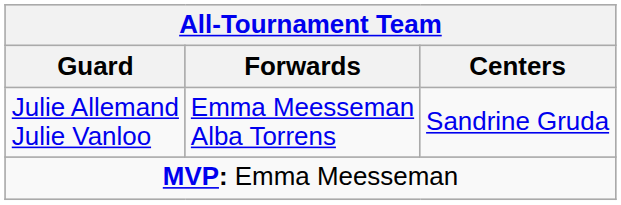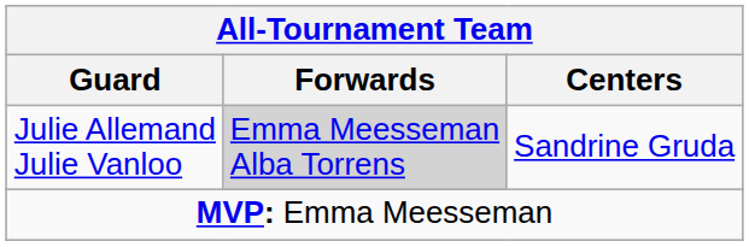 <table class=wikitable style="margin:auto">
 <tr>
 <th colspan=3 align=center><a href='#'>All-Tournament Team</a></th>
 </tr>
 <tr>
 <th>Guard</th>
 <th>Forwards</th>
 <th>Centers</th>
 </tr>
 <tr>
 <td> <a href='#'>Julie Allemand</a><br> <a href='#'>Julie Vanloo</a></td>
-<td valign=center> <a href='#'>Emma Meesseman</a><br>  <a href='#'>Alba Torrens</a></td>
+<td valign=center style="background: lightgrey;"> <a href='#'>Emma Meesseman</a><br>  <a href='#'>Alba Torrens</a></td>
 <td> <a href='#'>Sandrine Gruda</a></td>
 </tr>
 <tr>
 <td colspan=3 align=center><strong><a href='#'>MVP</a>:</strong>  Emma Meesseman</td>
 </tr>
 </table>
